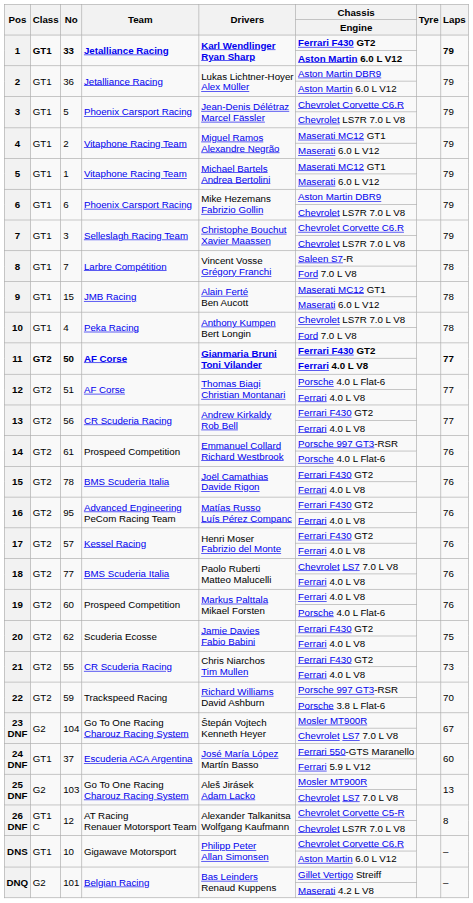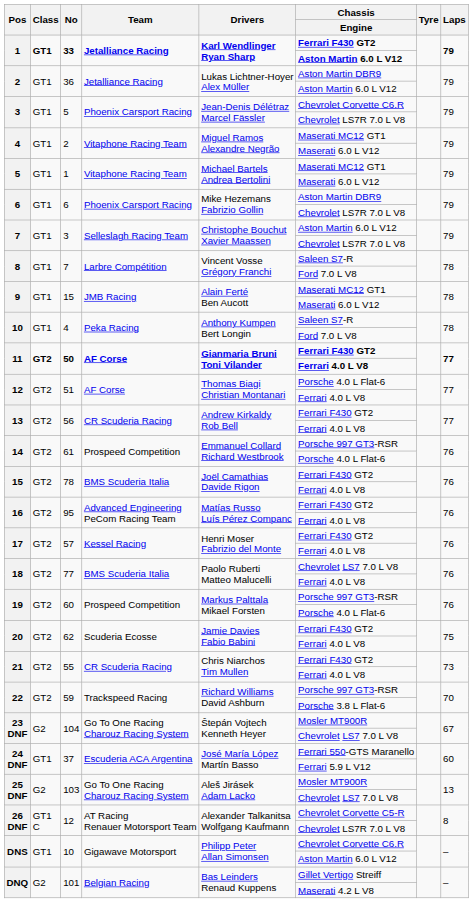 <table class="wikitable" style="font-size: 95%;">
 <tr>
 <th rowspan=2>Pos</th>
 <th rowspan=2>Class</th>
 <th rowspan=2>No</th>
 <th rowspan=2>Team</th>
 <th rowspan=2>Drivers</th>
 <th>Chassis</th>
 <th rowspan=2>Tyre</th>
 <th rowspan=2>Laps</th>
 </tr>
 <tr>
 <th>Engine</th>
 </tr>
 <tr style="font-weight:bold">
 <th rowspan=2>1</th>
 <td rowspan=2>GT1</td>
 <td rowspan=2>33</td>
 <td rowspan=2> <a href='#'>Jetalliance Racing</a></td>
 <td rowspan=2> <a href='#'>Karl Wendlinger</a><br> <a href='#'>Ryan Sharp</a></td>
 <td><a href='#'>Ferrari F430</a> GT2</td>
 <td rowspan=2></td>
 <td rowspan=2>79</td>
 </tr>
 <tr style="font-weight:bold">
 <td><a href='#'>Aston Martin</a> 6.0 L V12</td>
 </tr>
 <tr>
 <th rowspan=2>2</th>
 <td rowspan=2>GT1</td>
 <td rowspan=2>36</td>
 <td rowspan=2> <a href='#'>Jetalliance Racing</a></td>
 <td rowspan=2> Lukas Lichtner-Hoyer<br> <a href='#'>Alex Müller</a></td>
 <td><a href='#'>Aston Martin DBR9</a></td>
 <td rowspan=2></td>
 <td rowspan=2>79</td>
 </tr>
 <tr>
 <td><a href='#'>Aston Martin</a> 6.0 L V12</td>
 </tr>
 <tr>
 <th rowspan=2>3</th>
 <td rowspan=2>GT1</td>
 <td rowspan=2>5</td>
 <td rowspan=2> <a href='#'>Phoenix Carsport Racing</a></td>
 <td rowspan=2> <a href='#'>Jean-Denis Délétraz</a><br> <a href='#'>Marcel Fässler</a></td>
 <td><a href='#'>Chevrolet Corvette C6.R</a></td>
 <td rowspan=2></td>
 <td rowspan=2>79</td>
 </tr>
 <tr>
 <td><a href='#'>Chevrolet</a> LS7R 7.0 L V8</td>
 </tr>
 <tr>
 <th rowspan=2>4</th>
 <td rowspan=2>GT1</td>
 <td rowspan=2>2</td>
 <td rowspan=2> <a href='#'>Vitaphone Racing Team</a></td>
 <td rowspan=2> <a href='#'>Miguel Ramos</a><br> <a href='#'>Alexandre Negrão</a></td>
 <td><a href='#'>Maserati MC12</a> GT1</td>
 <td rowspan=2></td>
 <td rowspan=2>79</td>
 </tr>
 <tr>
 <td><a href='#'>Maserati</a> 6.0 L V12</td>
 </tr>
 <tr>
 <th rowspan=2>5</th>
 <td rowspan=2>GT1</td>
 <td rowspan=2>1</td>
 <td rowspan=2> <a href='#'>Vitaphone Racing Team</a></td>
 <td rowspan=2> <a href='#'>Michael Bartels</a><br> <a href='#'>Andrea Bertolini</a></td>
 <td><a href='#'>Maserati MC12</a> GT1</td>
 <td rowspan=2></td>
 <td rowspan=2>79</td>
 </tr>
 <tr>
 <td><a href='#'>Maserati</a> 6.0 L V12</td>
 </tr>
 <tr>
 <th rowspan=2>6</th>
 <td rowspan=2>GT1</td>
 <td rowspan=2>6</td>
 <td rowspan=2> <a href='#'>Phoenix Carsport Racing</a></td>
 <td rowspan=2> Mike Hezemans<br> <a href='#'>Fabrizio Gollin</a></td>
 <td><a href='#'>Aston Martin DBR9</a></td>
 <td rowspan=2></td>
 <td rowspan=2>79</td>
 </tr>
 <tr>
 <td><a href='#'>Chevrolet</a> LS7R 7.0 L V8</td>
 </tr>
 <tr>
 <th rowspan=2>7</th>
 <td rowspan=2>GT1</td>
 <td rowspan=2>3</td>
 <td rowspan=2> <a href='#'>Selleslagh Racing Team</a></td>
 <td rowspan=2> <a href='#'>Christophe Bouchut</a><br> <a href='#'>Xavier Maassen</a></td>
-<td><a href='#'>Chevrolet Corvette C6.R</a></td>
+<td><a href='#'>Aston Martin</a> 6.0 L V12</td>
 <td rowspan=2></td>
 <td rowspan=2>79</td>
 </tr>
 <tr>
 <td><a href='#'>Chevrolet</a> LS7R 7.0 L V8</td>
 </tr>
 <tr>
 <th rowspan=2>8</th>
 <td rowspan=2>GT1</td>
 <td rowspan=2>7</td>
 <td rowspan=2> <a href='#'>Larbre Compétition</a></td>
 <td rowspan=2> Vincent Vosse<br> <a href='#'>Grégory Franchi</a></td>
 <td><a href='#'>Saleen S7</a>-R</td>
 <td rowspan=2></td>
 <td rowspan=2>78</td>
 </tr>
 <tr>
 <td><a href='#'>Ford</a> 7.0 L V8</td>
 </tr>
 <tr>
 <th rowspan=2>9</th>
 <td rowspan=2>GT1</td>
 <td rowspan=2>15</td>
 <td rowspan=2> <a href='#'>JMB Racing</a></td>
 <td rowspan=2> <a href='#'>Alain Ferté</a><br> Ben Aucott</td>
 <td><a href='#'>Maserati MC12</a> GT1</td>
 <td rowspan=2></td>
 <td rowspan=2>78</td>
 </tr>
 <tr>
 <td><a href='#'>Maserati</a> 6.0 L V12</td>
 </tr>
 <tr>
 <th rowspan=2>10</th>
 <td rowspan=2>GT1</td>
 <td rowspan=2>4</td>
 <td rowspan=2> <a href='#'>Peka Racing</a></td>
 <td rowspan=2> <a href='#'>Anthony Kumpen</a><br> Bert Longin</td>
-<td><a href='#'>Chevrolet</a> LS7R 7.0 L V8</td>
+<td><a href='#'>Saleen S7</a>-R</td>
 <td rowspan=2></td>
 <td rowspan=2>78</td>
 </tr>
 <tr>
 <td><a href='#'>Ford</a> 7.0 L V8</td>
 </tr>
 <tr style="font-weight:bold">
 <th rowspan=2>11</th>
 <td rowspan=2>GT2</td>
 <td rowspan=2>50</td>
 <td rowspan=2> <a href='#'>AF Corse</a></td>
 <td rowspan=2> <a href='#'>Gianmaria Bruni</a><br> <a href='#'>Toni Vilander</a></td>
 <td><a href='#'>Ferrari F430</a> GT2</td>
 <td rowspan=2></td>
 <td rowspan=2>77</td>
 </tr>
 <tr style="font-weight:bold">
 <td><a href='#'>Ferrari</a> 4.0 L V8</td>
 </tr>
 <tr>
 <th rowspan=2>12</th>
 <td rowspan=2>GT2</td>
 <td rowspan=2>51</td>
 <td rowspan=2> <a href='#'>AF Corse</a></td>
 <td rowspan=2> <a href='#'>Thomas Biagi</a><br> <a href='#'>Christian Montanari</a></td>
 <td><a href='#'>Porsche</a> 4.0 L Flat-6</td>
 <td rowspan=2></td>
 <td rowspan=2>77</td>
 </tr>
 <tr>
 <td><a href='#'>Ferrari</a> 4.0 L V8</td>
 </tr>
 <tr>
 <th rowspan=2>13</th>
 <td rowspan=2>GT2</td>
 <td rowspan=2>56</td>
 <td rowspan=2> <a href='#'>CR Scuderia Racing</a></td>
 <td rowspan=2> <a href='#'>Andrew Kirkaldy</a><br> <a href='#'>Rob Bell</a></td>
 <td><a href='#'>Ferrari F430</a> GT2</td>
 <td rowspan=2></td>
 <td rowspan=2>77</td>
 </tr>
 <tr>
 <td><a href='#'>Ferrari</a> 4.0 L V8</td>
 </tr>
 <tr>
 <th rowspan=2>14</th>
 <td rowspan=2>GT2</td>
 <td rowspan=2>61</td>
 <td rowspan=2> Prospeed Competition</td>
 <td rowspan=2> <a href='#'>Emmanuel Collard</a><br> <a href='#'>Richard Westbrook</a></td>
 <td><a href='#'>Porsche 997 GT3</a>-RSR</td>
 <td rowspan=2></td>
 <td rowspan=2>76</td>
 </tr>
 <tr>
 <td><a href='#'>Porsche</a> 4.0 L Flat-6</td>
 </tr>
 <tr>
 <th rowspan=2>15</th>
 <td rowspan=2>GT2</td>
 <td rowspan=2>78</td>
 <td rowspan=2> <a href='#'>BMS Scuderia Italia</a></td>
 <td rowspan=2> <a href='#'>Joël Camathias</a><br> <a href='#'>Davide Rigon</a></td>
 <td><a href='#'>Ferrari F430</a> GT2</td>
 <td rowspan=2></td>
 <td rowspan=2>76</td>
 </tr>
 <tr>
 <td><a href='#'>Ferrari</a> 4.0 L V8</td>
 </tr>
 <tr>
 <th rowspan=2>16</th>
 <td rowspan=2>GT2</td>
 <td rowspan=2>95</td>
 <td rowspan=2> <a href='#'>Advanced Engineering</a><br> PeCom Racing Team</td>
 <td rowspan=2> <a href='#'>Matías Russo</a><br> <a href='#'>Luís Pérez Companc</a></td>
 <td><a href='#'>Ferrari F430</a> GT2</td>
 <td rowspan=2></td>
 <td rowspan=2>76</td>
 </tr>
 <tr>
 <td><a href='#'>Ferrari</a> 4.0 L V8</td>
 </tr>
 <tr>
 <th rowspan=2>17</th>
 <td rowspan=2>GT2</td>
 <td rowspan=2>57</td>
 <td rowspan=2> <a href='#'>Kessel Racing</a></td>
 <td rowspan=2> Henri Moser<br> <a href='#'>Fabrizio del Monte</a></td>
 <td><a href='#'>Ferrari F430</a> GT2</td>
 <td rowspan=2></td>
 <td rowspan=2>76</td>
 </tr>
 <tr>
 <td><a href='#'>Ferrari</a> 4.0 L V8</td>
 </tr>
 <tr>
 <th rowspan=2>18</th>
 <td rowspan=2>GT2</td>
 <td rowspan=2>77</td>
 <td rowspan=2> <a href='#'>BMS Scuderia Italia</a></td>
 <td rowspan=2> Paolo Ruberti<br> Matteo Malucelli</td>
 <td><a href='#'>Chevrolet</a> <a href='#'>LS7</a> 7.0 L V8</td>
 <td rowspan=2></td>
 <td rowspan=2>76</td>
 </tr>
 <tr>
 <td><a href='#'>Ferrari</a> 4.0 L V8</td>
 </tr>
 <tr>
 <th rowspan=2>19</th>
 <td rowspan=2>GT2</td>
 <td rowspan=2>60</td>
 <td rowspan=2> Prospeed Competition</td>
 <td rowspan=2> <a href='#'>Markus Palttala</a><br> Mikael Forsten</td>
-<td><a href='#'>Ferrari</a> 4.0 L V8</td>
+<td><a href='#'>Porsche 997 GT3</a>-RSR</td>
 <td rowspan=2></td>
 <td rowspan=2>76</td>
 </tr>
 <tr>
 <td><a href='#'>Porsche</a> 4.0 L Flat-6</td>
 </tr>
 <tr>
 <th rowspan=2>20</th>
 <td rowspan=2>GT2</td>
 <td rowspan=2>62</td>
 <td rowspan=2> Scuderia Ecosse</td>
 <td rowspan=2> <a href='#'>Jamie Davies</a><br> <a href='#'>Fabio Babini</a></td>
 <td><a href='#'>Ferrari F430</a> GT2</td>
 <td rowspan=2></td>
 <td rowspan=2>75</td>
 </tr>
 <tr>
 <td><a href='#'>Ferrari</a> 4.0 L V8</td>
 </tr>
 <tr>
 <th rowspan=2>21</th>
 <td rowspan=2>GT2</td>
 <td rowspan=2>55</td>
 <td rowspan=2> <a href='#'>CR Scuderia Racing</a></td>
 <td rowspan=2> Chris Niarchos<br> <a href='#'>Tim Mullen</a></td>
 <td><a href='#'>Ferrari F430</a> GT2</td>
 <td rowspan=2></td>
 <td rowspan=2>73</td>
 </tr>
 <tr>
 <td><a href='#'>Ferrari</a> 4.0 L V8</td>
 </tr>
 <tr>
 <th rowspan=2>22</th>
 <td rowspan=2>GT2</td>
 <td rowspan=2>59</td>
 <td rowspan=2> Trackspeed Racing</td>
 <td rowspan=2> <a href='#'>Richard Williams</a><br> David Ashburn</td>
 <td><a href='#'>Porsche 997 GT3</a>-RSR</td>
 <td rowspan=2></td>
 <td rowspan=2>70</td>
 </tr>
 <tr>
 <td><a href='#'>Porsche</a> 3.8 L Flat-6</td>
 </tr>
 <tr>
 <th rowspan=2>23<br>DNF</th>
 <td rowspan=2>G2</td>
 <td rowspan=2>104</td>
 <td rowspan=2> Go To One Racing<br> <a href='#'>Charouz Racing System</a></td>
 <td rowspan=2> Štepán Vojtech<br> Kenneth Heyer</td>
 <td><a href='#'>Mosler MT900R</a></td>
 <td rowspan=2></td>
 <td rowspan=2>67</td>
 </tr>
 <tr>
 <td><a href='#'>Chevrolet</a> <a href='#'>LS7</a> 7.0 L V8</td>
 </tr>
 <tr>
 <th rowspan=2>24<br>DNF</th>
 <td rowspan=2>GT1</td>
 <td rowspan=2>37</td>
 <td rowspan=2> <a href='#'>Escuderia ACA Argentina</a></td>
 <td rowspan=2> <a href='#'>José María López</a><br> Martín Basso</td>
 <td><a href='#'>Ferrari 550</a>-GTS Maranello</td>
 <td rowspan=2></td>
 <td rowspan=2>60</td>
 </tr>
 <tr>
 <td><a href='#'>Ferrari</a> 5.9 L V12</td>
 </tr>
 <tr>
 <th rowspan=2>25<br>DNF</th>
 <td rowspan=2>G2</td>
 <td rowspan=2>103</td>
 <td rowspan=2> Go To One Racing<br> <a href='#'>Charouz Racing System</a></td>
 <td rowspan=2> Aleš Jirásek<br> <a href='#'>Adam Lacko</a></td>
 <td><a href='#'>Mosler MT900R</a></td>
 <td rowspan=2></td>
 <td rowspan=2>13</td>
 </tr>
 <tr>
 <td><a href='#'>Chevrolet</a> <a href='#'>LS7</a> 7.0 L V8</td>
 </tr>
 <tr>
 <th rowspan=2>26<br>DNF</th>
 <td rowspan=2>GT1<br>C</td>
 <td rowspan=2>12</td>
 <td rowspan=2> AT Racing<br> Renauer Motorsport Team</td>
 <td rowspan=2> Alexander Talkanitsa<br> Wolfgang Kaufmann</td>
 <td><a href='#'>Chevrolet Corvette C5-R</a></td>
 <td rowspan=2></td>
 <td rowspan=2>8</td>
 </tr>
 <tr>
 <td><a href='#'>Chevrolet</a> LS7R 7.0 L V8</td>
 </tr>
 <tr>
 <th rowspan=2>DNS</th>
 <td rowspan=2>GT1</td>
 <td rowspan=2>10</td>
 <td rowspan=2> Gigawave Motorsport</td>
 <td rowspan=2> <a href='#'>Philipp Peter</a><br> <a href='#'>Allan Simonsen</a></td>
 <td><a href='#'>Chevrolet Corvette C6.R</a></td>
 <td rowspan=2></td>
 <td rowspan=2>–</td>
 </tr>
 <tr>
 <td><a href='#'>Aston Martin</a> 6.0 L V12</td>
 </tr>
 <tr>
 <th rowspan=2>DNQ</th>
 <td rowspan=2>G2</td>
 <td rowspan=2>101</td>
 <td rowspan=2> <a href='#'>Belgian Racing</a></td>
 <td rowspan=2> <a href='#'>Bas Leinders</a><br> Renaud Kuppens</td>
 <td><a href='#'>Gillet Vertigo</a> Streiff</td>
 <td rowspan=2></td>
 <td rowspan=2>–</td>
 </tr>
 <tr>
 <td><a href='#'>Maserati</a> 4.2 L V8</td>
 </tr>
 </table>
